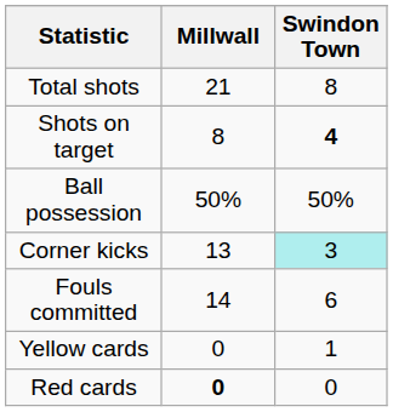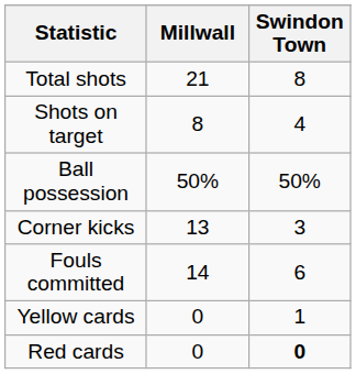 <table class="wikitable" style="text-align:center">
 <tr>
 </tr>
 <tr>
 <th width=100>Statistic</th>
 <th width=70>Millwall</th>
 <th width=70>Swindon Town</th>
 </tr>
 <tr>
 <td>Total shots</td>
 <td>21</td>
 <td>8</td>
 </tr>
 <tr>
 <td>Shots on target</td>
 <td>8</td>
-<td><strong>4</strong></td>
+<td>4</td>
 </tr>
 <tr>
 <td>Ball possession</td>
 <td>50%</td>
 <td>50%</td>
 </tr>
 <tr>
 <td>Corner kicks</td>
 <td>13</td>
-<td style="background: paleturquoise;">3</td>
+<td>3</td>
 </tr>
 <tr>
 <td>Fouls committed</td>
 <td>14</td>
 <td>6</td>
 </tr>
 <tr>
 <td>Yellow cards</td>
 <td>0</td>
 <td>1</td>
 </tr>
 <tr>
 <td>Red cards</td>
+<td>0</td>
 <td><strong>0</strong></td>
-<td>0</td>
 </tr>
 </table>
